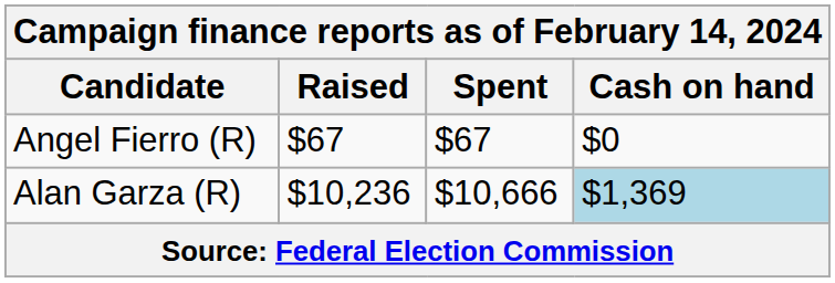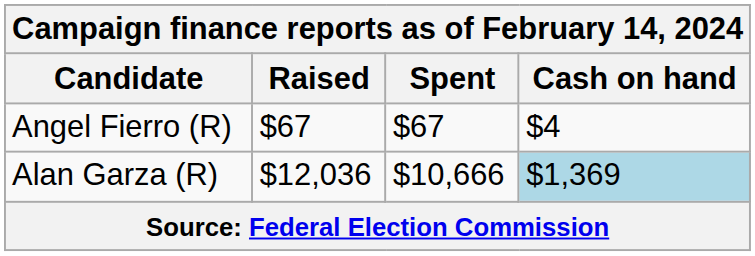 <table class="wikitable sortable">
 <tr>
 <th colspan=4>Campaign finance reports as of February 14, 2024</th>
 </tr>
 <tr style="text-align:center;">
 <th>Candidate</th>
 <th>Raised</th>
 <th>Spent</th>
 <th>Cash on hand</th>
 </tr>
 <tr>
 <td style="background-color:">Angel Fierro (R)</td>
 <td>$67</td>
 <td>$67</td>
-<td>$0</td>
+<td>$4</td>
 </tr>
 <tr>
 <td style="background-color:">Alan Garza (R)</td>
-<td>$10,236</td>
+<td>$12,036</td>
 <td>$10,666</td>
 <td style="background: lightblue;">$1,369</td>
 </tr>
 <tr>
 <th colspan="4"><small>Source: <a href='#'>Federal Election Commission</a></small></th>
 </tr>
 </table>
